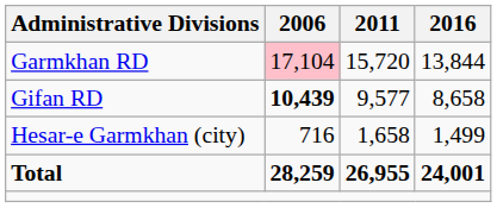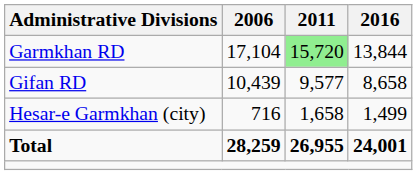 <table class="wikitable">
 <tr>
 <th>Administrative Divisions</th>
 <th>2006</th>
 <th>2011</th>
 <th>2016</th>
 </tr>
 <tr>
 <td><a href='#'>Garmkhan RD</a></td>
-<td style="background: pink; text-align: right;">17,104</td>
-<td style="text-align: right;">15,720</td>
+<td style="text-align: right;">17,104</td>
+<td style="background: lightgreen; text-align: right;">15,720</td>
 <td style="text-align: right;">13,844</td>
 </tr>
 <tr>
 <td><a href='#'>Gifan RD</a></td>
-<td style="text-align: right;"><strong>10,439</strong></td>
+<td style="text-align: right;">10,439</td>
 <td style="text-align: right;">9,577</td>
 <td style="text-align: right;">8,658</td>
 </tr>
 <tr>
 <td><a href='#'>Hesar-e Garmkhan</a> (city)</td>
 <td style="text-align: right;">716</td>
 <td style="text-align: right;">1,658</td>
 <td style="text-align: right;">1,499</td>
 </tr>
 <tr>
 <td><strong>Total</strong></td>
 <td style="text-align: right;"><strong>28,259</strong></td>
 <td style="text-align: right;"><strong>26,955</strong></td>
 <td style="text-align: right;"><strong>24,001</strong></td>
 </tr>
 <tr>
 <td colspan=4></td>
 </tr>
 </table>
